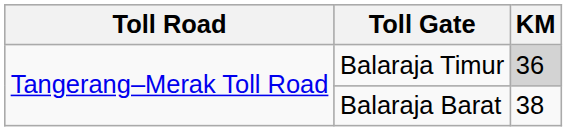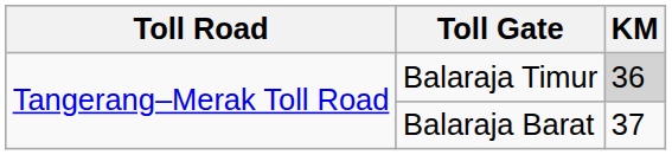 <table class="wikitable">
 <tr>
 <th>Toll Road</th>
 <th>Toll Gate</th>
 <th>KM</th>
 </tr>
 <tr>
 <td rowspan="2"><a href='#'>Tangerang–Merak Toll Road</a></td>
 <td>Balaraja Timur</td>
 <td style="background: lightgrey;">36</td>
 </tr>
 <tr>
 <td>Balaraja Barat</td>
-<td>38</td>
+<td>37</td>
 </tr>
 </table>
